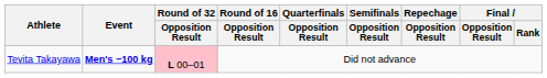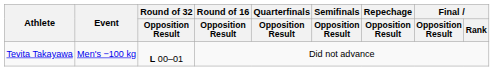 <table class="wikitable" style="font-size:90%">
 <tr>
 <th rowspan="2">Athlete</th>
 <th rowspan="2">Event</th>
 <th>Round of 32</th>
 <th>Round of 16</th>
 <th>Quarterfinals</th>
 <th>Semifinals</th>
 <th>Repechage</th>
 <th colspan=2>Final / </th>
 </tr>
 <tr style="font-size:95%">
 <th>Opposition<br>Result</th>
 <th>Opposition<br>Result</th>
 <th>Opposition<br>Result</th>
 <th>Opposition<br>Result</th>
 <th>Opposition<br>Result</th>
 <th>Opposition<br>Result</th>
 <th>Rank</th>
 </tr>
 <tr align=center>
 <td align=left><a href='#'>Tevita Takayawa</a></td>
-<td align=left><strong><a href='#'>Men's −100 kg</a></strong></td>
-<td style="background: pink;"><br><strong>L</strong> 00–01</td>
+<td align=left><a href='#'>Men's −100 kg</a></td>
+<td><br><strong>L</strong> 00–01</td>
 <td colspan=6>Did not advance</td>
 </tr>
 </table>
